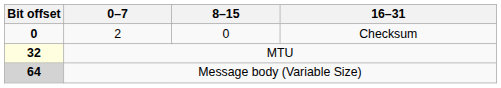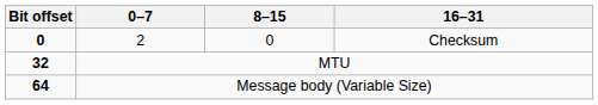 <table class="wikitable" style="text-align:center">
 <tr>
 <th>Bit offset</th>
 <th colspan="8" width="22%">0–7</th>
 <th colspan="8" width="22%">8–15</th>
 <th colspan="16" width="44%">16–31</th>
 </tr>
 <tr>
 <td><strong>0</strong></td>
 <td colspan="8">2</td>
 <td colspan="8">0</td>
 <td colspan="16">Checksum</td>
 </tr>
 <tr>
-<td style="background: lightyellow;"><strong>32</strong></td>
+<td><strong>32</strong></td>
 <td colspan="32">MTU</td>
 </tr>
 <tr>
-<td style="background: lightgrey;"><strong>64</strong></td>
+<td><strong>64</strong></td>
 <td colspan="32">Message body (Variable Size)</td>
 </tr>
 </table>
